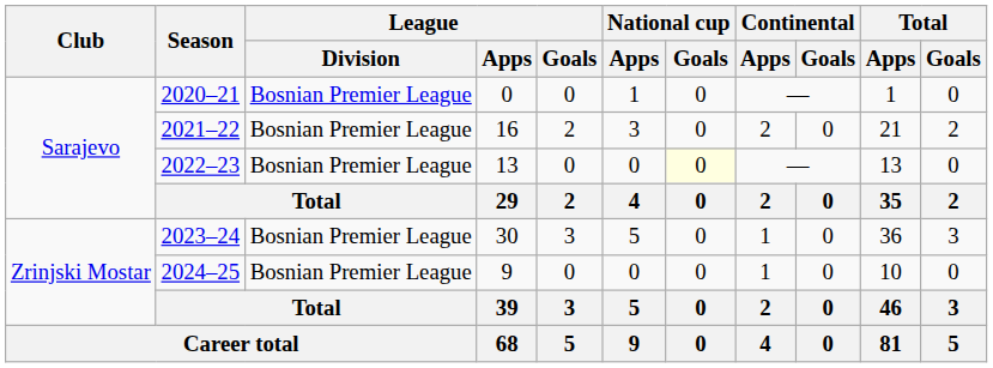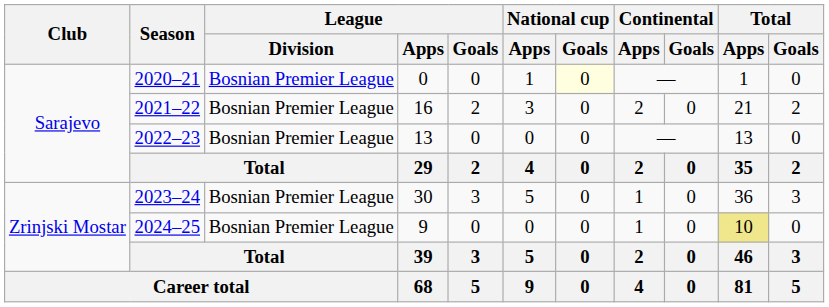 <table class="wikitable" style="text-align:center">
 <tr>
 <th rowspan=2>Club</th>
 <th rowspan=2>Season</th>
 <th colspan=3>League</th>
 <th colspan=2>National cup</th>
 <th colspan=2>Continental</th>
 <th colspan=2>Total</th>
 </tr>
 <tr>
 <th>Division</th>
 <th>Apps</th>
 <th>Goals</th>
 <th>Apps</th>
 <th>Goals</th>
 <th>Apps</th>
 <th>Goals</th>
 <th>Apps</th>
 <th>Goals</th>
 </tr>
 <tr>
 <td rowspan=4><a href='#'>Sarajevo</a></td>
 <td><a href='#'>2020–21</a></td>
 <td><a href='#'>Bosnian Premier League</a></td>
 <td>0</td>
 <td>0</td>
 <td>1</td>
-<td>0</td>
+<td style="background: lightyellow;">0</td>
 <td colspan=2>—</td>
 <td>1</td>
 <td>0</td>
 </tr>
 <tr>
 <td><a href='#'>2021–22</a></td>
 <td>Bosnian Premier League</td>
 <td>16</td>
 <td>2</td>
 <td>3</td>
 <td>0</td>
 <td>2</td>
 <td>0</td>
 <td>21</td>
 <td>2</td>
 </tr>
 <tr>
 <td><a href='#'>2022–23</a></td>
 <td>Bosnian Premier League</td>
 <td>13</td>
 <td>0</td>
 <td>0</td>
-<td style="background: lightyellow;">0</td>
+<td>0</td>
 <td colspan=2>—</td>
 <td>13</td>
 <td>0</td>
 </tr>
 <tr>
 <th colspan=2>Total</th>
 <th>29</th>
 <th>2</th>
 <th>4</th>
 <th>0</th>
 <th>2</th>
 <th>0</th>
 <th>35</th>
 <th>2</th>
 </tr>
 <tr>
 <td rowspan=3><a href='#'>Zrinjski Mostar</a></td>
 <td><a href='#'>2023–24</a></td>
 <td>Bosnian Premier League</td>
 <td>30</td>
 <td>3</td>
 <td>5</td>
 <td>0</td>
 <td>1</td>
 <td>0</td>
 <td>36</td>
 <td>3</td>
 </tr>
 <tr>
 <td><a href='#'>2024–25</a></td>
 <td>Bosnian Premier League</td>
 <td>9</td>
 <td>0</td>
 <td>0</td>
 <td>0</td>
 <td>1</td>
 <td>0</td>
-<td>10</td>
+<td style="background: khaki;">10</td>
 <td>0</td>
 </tr>
 <tr>
 <th colspan=2>Total</th>
 <th>39</th>
 <th>3</th>
 <th>5</th>
 <th>0</th>
 <th>2</th>
 <th>0</th>
 <th>46</th>
 <th>3</th>
 </tr>
 <tr>
 <th colspan=3>Career total</th>
 <th>68</th>
 <th>5</th>
 <th>9</th>
 <th>0</th>
 <th>4</th>
 <th>0</th>
 <th>81</th>
 <th>5</th>
 </tr>
 </table>
